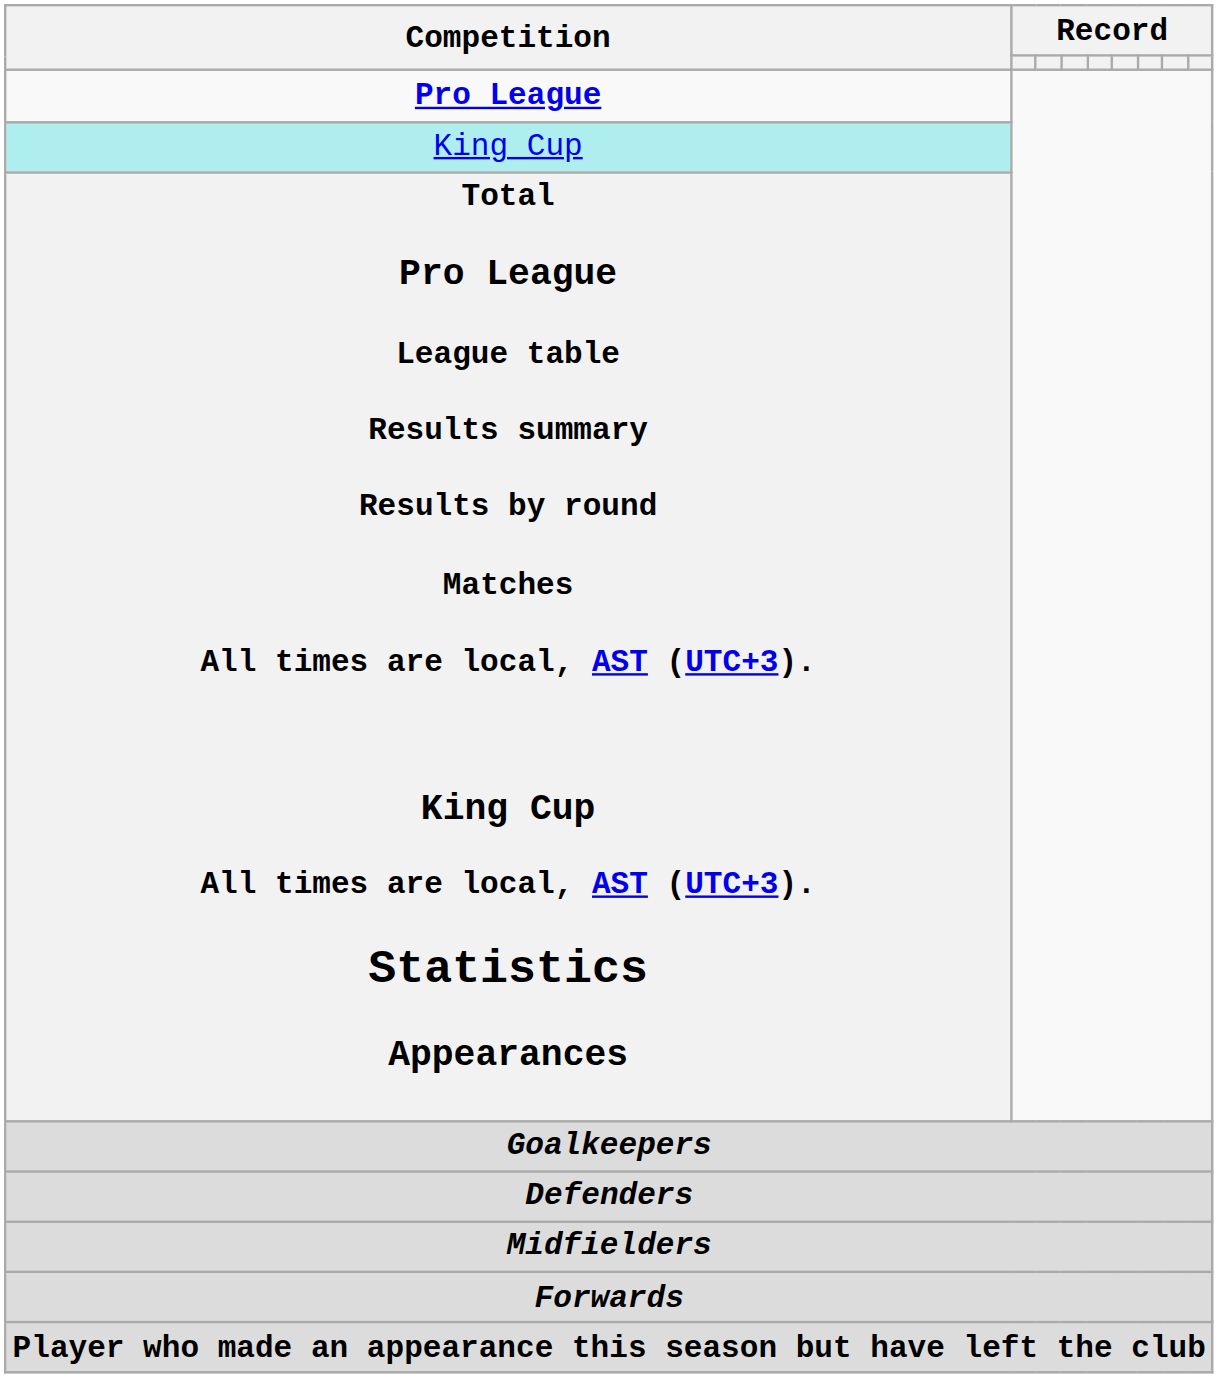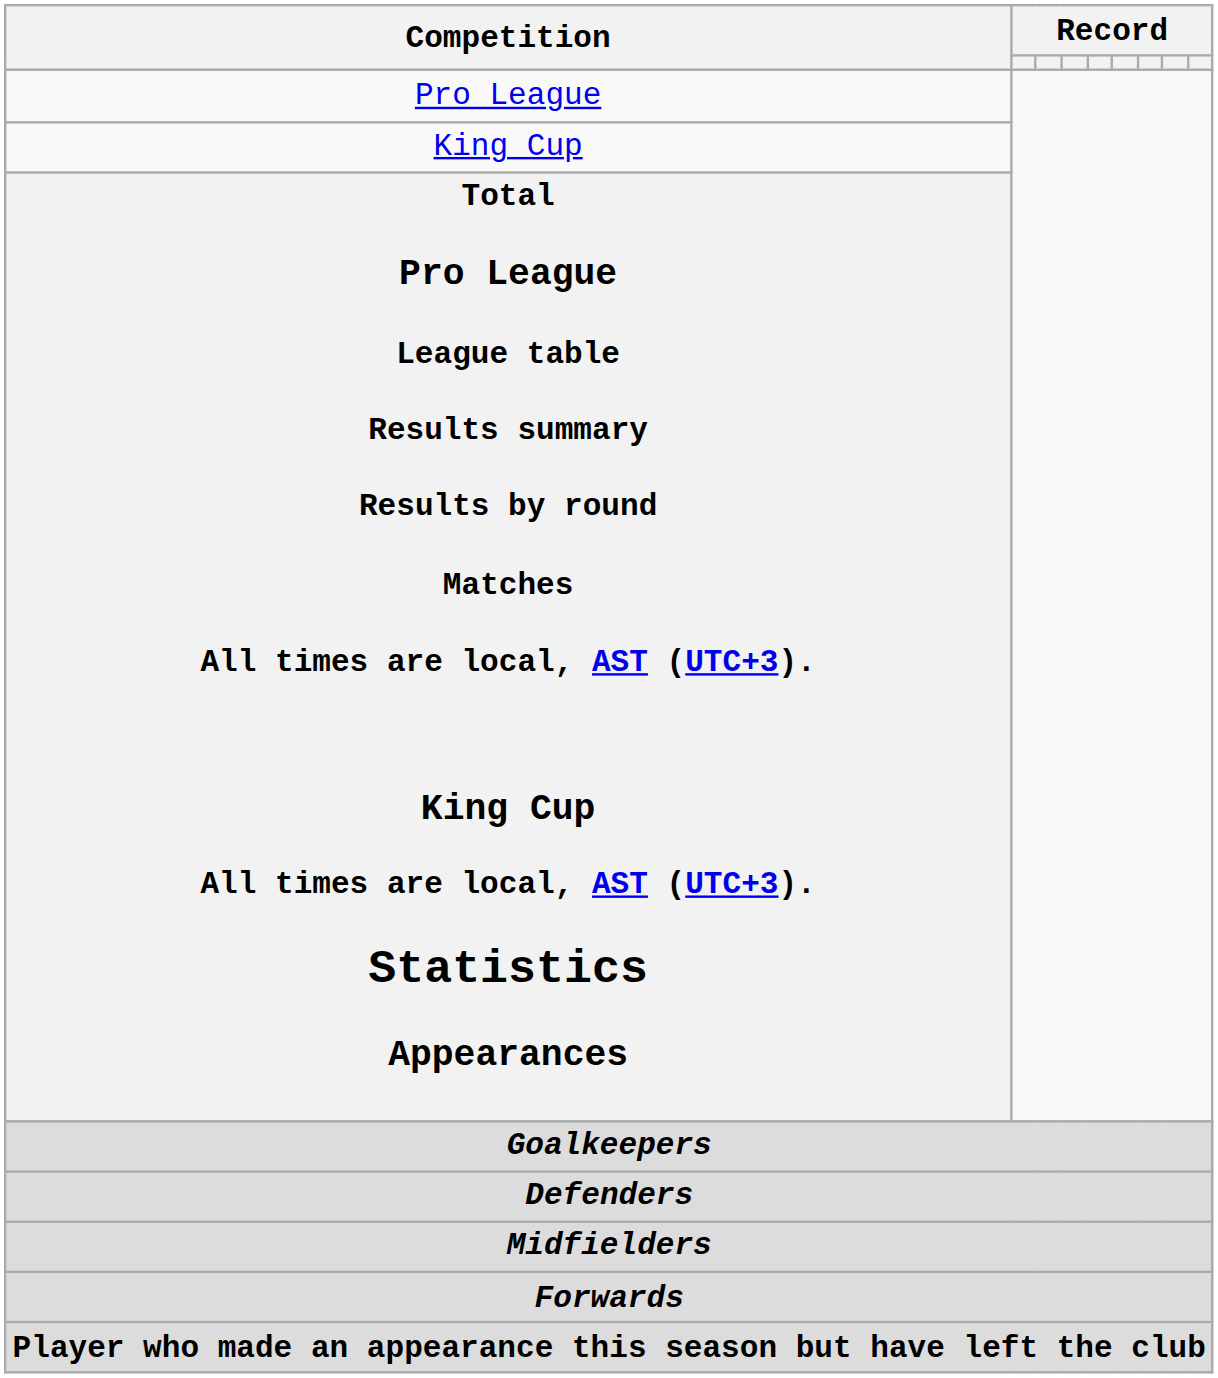 <table class="wikitable" style="text-align: center">
 <tr>
 <th rowspan=2>Competition</th>
 <th colspan=8>Record</th>
 </tr>
 <tr>
 <th></th>
 <th></th>
 <th></th>
 <th></th>
 <th></th>
 <th></th>
 <th></th>
 <th></th>
 </tr>
 <tr>
-<td><strong><a href='#'>Pro League</a><br></strong></td>
+<td><a href='#'>Pro League</a><br></td>
 </tr>
 <tr>
-<td style="background: paleturquoise;"><a href='#'>King Cup</a><br></td>
+<td><a href='#'>King Cup</a><br></td>
 </tr>
 <tr>
 <th>Total<br> <h3>Pro League</h3><h4>League table</h4><h4>Results summary</h4> <h4>Results by round</h4><h4>Matches</h4>All times are local, <a href='#'>AST</a> (<a href='#'>UTC+3</a>).<br>   <br>  <br>                          <h3>King Cup</h3> All times are local, <a href='#'>AST</a> (<a href='#'>UTC+3</a>).<br><h2>Statistics</h2><h3>Appearances</h3></th>
 </tr>
 <tr>
 <th colspan=10 style=background:#dcdcdc; text-align:center><em>Goalkeepers</em><br>  </th>
 </tr>
 <tr>
 <th colspan=10 style=background:#dcdcdc; text-align:center><em>Defenders</em><br>         </th>
 </tr>
 <tr>
 <th colspan=10 style=background:#dcdcdc; text-align:center><em>Midfielders</em><br>             </th>
 </tr>
 <tr>
 <th colspan=10 style=background:#dcdcdc; text-align:center><em>Forwards</em><br>     </th>
 </tr>
 <tr>
 <th colspan=18 style=background:#dcdcdc; text-align:center>Player who made an appearance this season but have left the club<br>   </th>
 </tr>
 </table>
